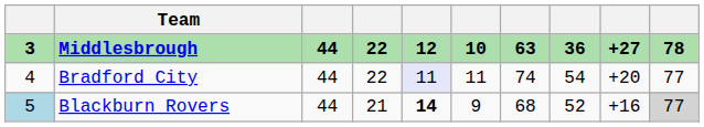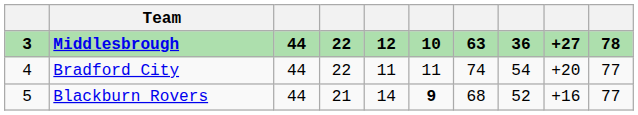 <table class="wikitable" style="text-align:center">
 <tr>
 <th width="30"></th>
 <th width="175">Team</th>
 <th width="30"></th>
 <th width="30"></th>
 <th width="30"></th>
 <th width="30"></th>
 <th width="30"></th>
 <th width="30"></th>
 <th width="30"></th>
 <th width="30"></th>
 </tr>
 <tr bgcolor=#ADDFAD>
 <td><strong>3</strong></td>
 <td align=left><strong><a href='#'>Middlesbrough</a></strong></td>
 <td><strong>44</strong></td>
 <td><strong>22</strong></td>
 <td><strong>12</strong></td>
 <td><strong>10</strong></td>
 <td><strong>63</strong></td>
 <td><strong>36</strong></td>
 <td><strong>+27</strong></td>
 <td><strong>78</strong></td>
 </tr>
 <tr>
 <td>4</td>
 <td align=left><a href='#'>Bradford City</a></td>
 <td>44</td>
 <td>22</td>
-<td style="background: lavender;">11</td>
+<td>11</td>
 <td>11</td>
 <td>74</td>
 <td>54</td>
 <td>+20</td>
 <td>77</td>
 </tr>
 <tr>
-<td style="background: lightblue;">5</td>
+<td>5</td>
 <td align=left><a href='#'>Blackburn Rovers</a></td>
 <td>44</td>
 <td>21</td>
-<td><strong>14</strong></td>
-<td>9</td>
+<td>14</td>
+<td><strong>9</strong></td>
 <td>68</td>
 <td>52</td>
 <td>+16</td>
-<td style="background: lightgrey;">77</td>
+<td>77</td>
 </tr>
 </table>
